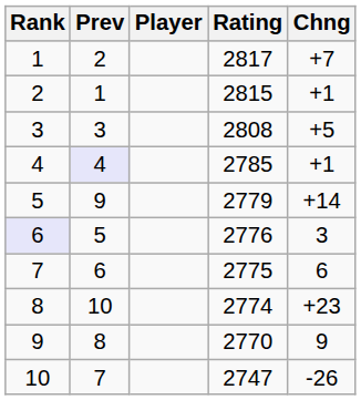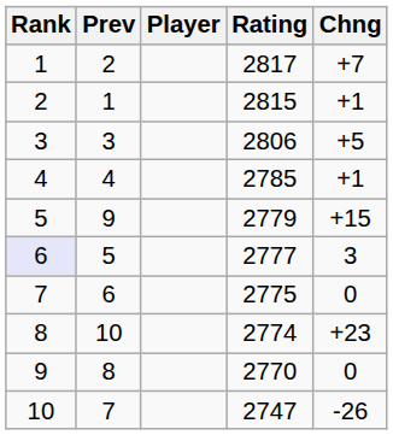 <table class="wikitable" style="text-align:center; font-size:85%; margin-left: 1em; float: right;">
 <tr>
 <th>Rank</th>
 <th>Prev</th>
 <th>Player</th>
 <th>Rating</th>
 <th>Chng</th>
 </tr>
 <tr>
 <td>1</td>
 <td>2</td>
 <td align=left></td>
 <td>2817</td>
 <td>+7</td>
 </tr>
 <tr>
 <td>2</td>
 <td>1</td>
 <td align=left></td>
 <td>2815</td>
 <td>+1</td>
 </tr>
 <tr>
 <td>3</td>
 <td>3</td>
 <td align=left></td>
-<td>2808</td>
+<td>2806</td>
 <td>+5</td>
 </tr>
 <tr>
 <td>4</td>
-<td style="background: lavender;">4</td>
+<td>4</td>
 <td align=left></td>
 <td>2785</td>
 <td>+1</td>
 </tr>
 <tr>
 <td>5</td>
 <td>9</td>
 <td align=left></td>
 <td>2779</td>
-<td>+14</td>
+<td>+15</td>
 </tr>
 <tr>
 <td style="background: lavender;">6</td>
 <td>5</td>
 <td align=left></td>
-<td>2776</td>
+<td>2777</td>
 <td>3</td>
 </tr>
 <tr>
 <td>7</td>
 <td>6</td>
 <td align=left></td>
 <td>2775</td>
-<td>6</td>
+<td>0</td>
 </tr>
 <tr>
 <td>8</td>
 <td>10</td>
 <td align=left></td>
 <td>2774</td>
 <td>+23</td>
 </tr>
 <tr>
 <td>9</td>
 <td>8</td>
 <td align=left></td>
 <td>2770</td>
-<td>9</td>
+<td>0</td>
 </tr>
 <tr>
 <td>10</td>
 <td>7</td>
 <td align=left></td>
 <td>2747</td>
 <td>-26</td>
 </tr>
 </table>
